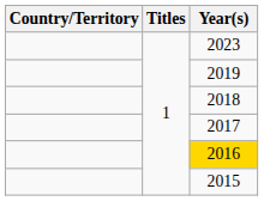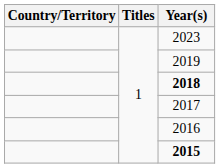 <table class="wikitable sortable" style="font-size:85%;">
 <tr>
 <th width="100">Country/Territory</th>
 <th width="5">Titles</th>
 <th width="50">Year(s)</th>
 </tr>
 <tr>
 <td></td>
 <td rowspan="6" style="text-align:center;">1</td>
 <td style="text-align:center;">2023</td>
 </tr>
 <tr>
 <td></td>
 <td style="text-align:center;">2019</td>
 </tr>
 <tr>
 <td></td>
-<td style="text-align:center;">2018</td>
+<td style="text-align:center;"><strong>2018</strong></td>
 </tr>
 <tr>
 <td></td>
 <td style="text-align:center;">2017</td>
 </tr>
 <tr>
 <td></td>
-<td style="background: gold; text-align:center;">2016</td>
+<td style="text-align:center;">2016</td>
 </tr>
 <tr>
 <td></td>
-<td style="text-align:center;">2015</td>
+<td style="text-align:center;"><strong>2015</strong></td>
 </tr>
 </table>
